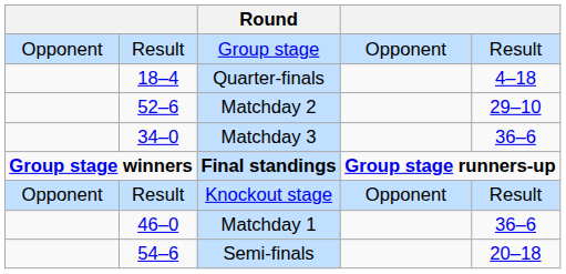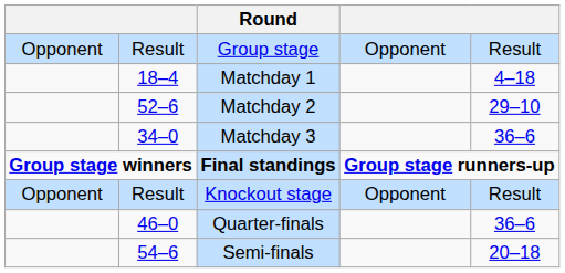 <table class="wikitable" style="text-align:center">
 <tr>
 <th colspan="4"></th>
 <th>Round</th>
 <th colspan="4"></th>
 </tr>
 <tr style="background:#C1E0FF">
 <td>Opponent</td>
 <td colspan="3">Result</td>
 <td><a href='#'>Group stage</a></td>
 <td>Opponent</td>
 <td colspan="3">Result</td>
 </tr>
 <tr>
 <td style="text-align:left"></td>
 <td colspan="3"><a href='#'>18–4</a></td>
-<td style="background:#C1E0FF">Quarter-finals</td>
+<td style="background:#C1E0FF">Matchday 1</td>
 <td style="text-align:left"></td>
 <td colspan="3"><a href='#'>4–18</a></td>
 </tr>
 <tr>
 <td style="text-align:left"></td>
 <td colspan="3"><a href='#'>52–6</a></td>
 <td style="background:#C1E0FF">Matchday 2</td>
 <td style="text-align:left"></td>
 <td colspan="3"><a href='#'>29–10</a></td>
 </tr>
 <tr>
 <td style="text-align:left"></td>
 <td colspan="3"><a href='#'>34–0</a></td>
 <td style="background:#C1E0FF">Matchday 3</td>
 <td style="text-align:left"></td>
 <td colspan="3"><a href='#'>36–6</a></td>
 </tr>
 <tr>
 <td colspan="4" style="vertical-align:top"><strong><a href='#'>Group stage</a> winners</strong><br><div></div></td>
 <td style="background:#C1E0FF"><strong>Final standings</strong></td>
 <td colspan="4" style="vertical-align:top"><strong><a href='#'>Group stage</a> runners-up</strong><br><div></div></td>
 </tr>
 <tr style="background:#C1E0FF">
 <td>Opponent</td>
 <td colspan="3">Result</td>
 <td><a href='#'>Knockout stage</a></td>
 <td>Opponent</td>
 <td colspan="3">Result</td>
 </tr>
 <tr>
 <td style="text-align:left"></td>
 <td colspan="3"><a href='#'>46–0</a></td>
-<td style="background:#C1E0FF">Matchday 1</td>
+<td style="background:#C1E0FF">Quarter-finals</td>
 <td style="text-align:left"></td>
 <td colspan="3"><a href='#'>36–6</a></td>
 </tr>
 <tr>
 <td style="text-align:left"></td>
 <td colspan="3"><a href='#'>54–6</a></td>
 <td style="background:#C1E0FF">Semi-finals</td>
 <td style="text-align:left"></td>
 <td colspan="3"><a href='#'>20–18</a></td>
 </tr>
 </table>
